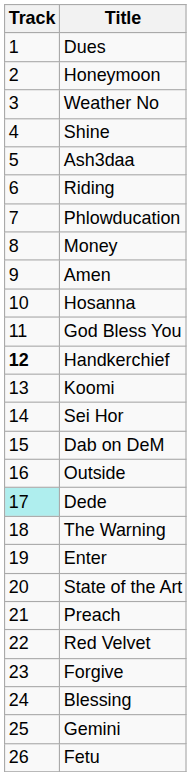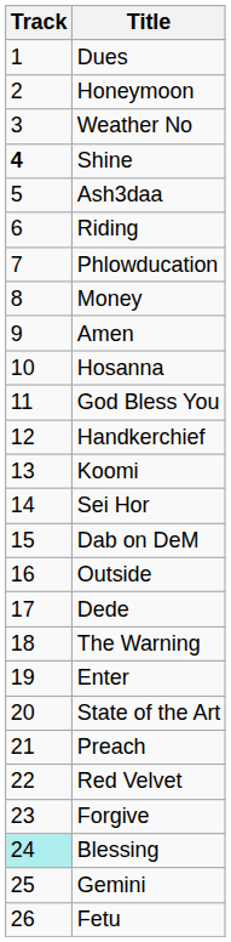 <table class="wikitable">
 <tr>
 <th>Track</th>
 <th>Title</th>
 </tr>
 <tr>
 <td>1</td>
 <td>Dues</td>
 </tr>
 <tr>
 <td>2</td>
 <td>Honeymoon</td>
 </tr>
 <tr>
 <td>3</td>
 <td>Weather No</td>
 </tr>
 <tr>
-<td>4</td>
+<td><strong>4</strong></td>
 <td>Shine</td>
 </tr>
 <tr>
 <td>5</td>
 <td>Ash3daa</td>
 </tr>
 <tr>
 <td>6</td>
 <td>Riding</td>
 </tr>
 <tr>
 <td>7</td>
 <td>Phlowducation</td>
 </tr>
 <tr>
 <td>8</td>
 <td>Money</td>
 </tr>
 <tr>
 <td>9</td>
 <td>Amen</td>
 </tr>
 <tr>
 <td>10</td>
 <td>Hosanna</td>
 </tr>
 <tr>
 <td>11</td>
 <td>God Bless You</td>
 </tr>
 <tr>
-<td><strong>12</strong></td>
+<td>12</td>
 <td>Handkerchief</td>
 </tr>
 <tr>
 <td>13</td>
 <td>Koomi</td>
 </tr>
 <tr>
 <td>14</td>
 <td>Sei Hor</td>
 </tr>
 <tr>
 <td>15</td>
 <td>Dab on DeM</td>
 </tr>
 <tr>
 <td>16</td>
 <td>Outside</td>
 </tr>
 <tr>
-<td style="background: paleturquoise;">17</td>
+<td>17</td>
 <td>Dede</td>
 </tr>
 <tr>
 <td>18</td>
 <td>The Warning</td>
 </tr>
 <tr>
 <td>19</td>
 <td>Enter</td>
 </tr>
 <tr>
 <td>20</td>
 <td>State of the Art</td>
 </tr>
 <tr>
 <td>21</td>
 <td>Preach</td>
 </tr>
 <tr>
 <td>22</td>
 <td>Red Velvet</td>
 </tr>
 <tr>
 <td>23</td>
 <td>Forgive</td>
 </tr>
 <tr>
-<td>24</td>
+<td style="background: paleturquoise;">24</td>
 <td>Blessing</td>
 </tr>
 <tr>
 <td>25</td>
 <td>Gemini</td>
 </tr>
 <tr>
 <td>26</td>
 <td>Fetu</td>
 </tr>
 </table>
